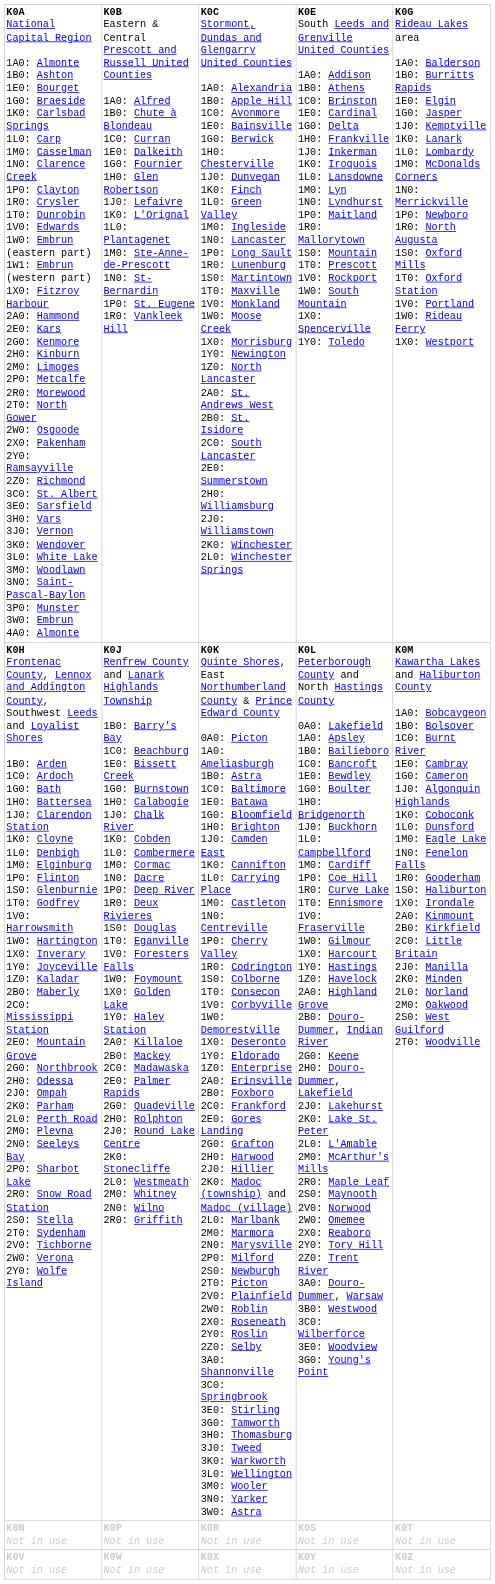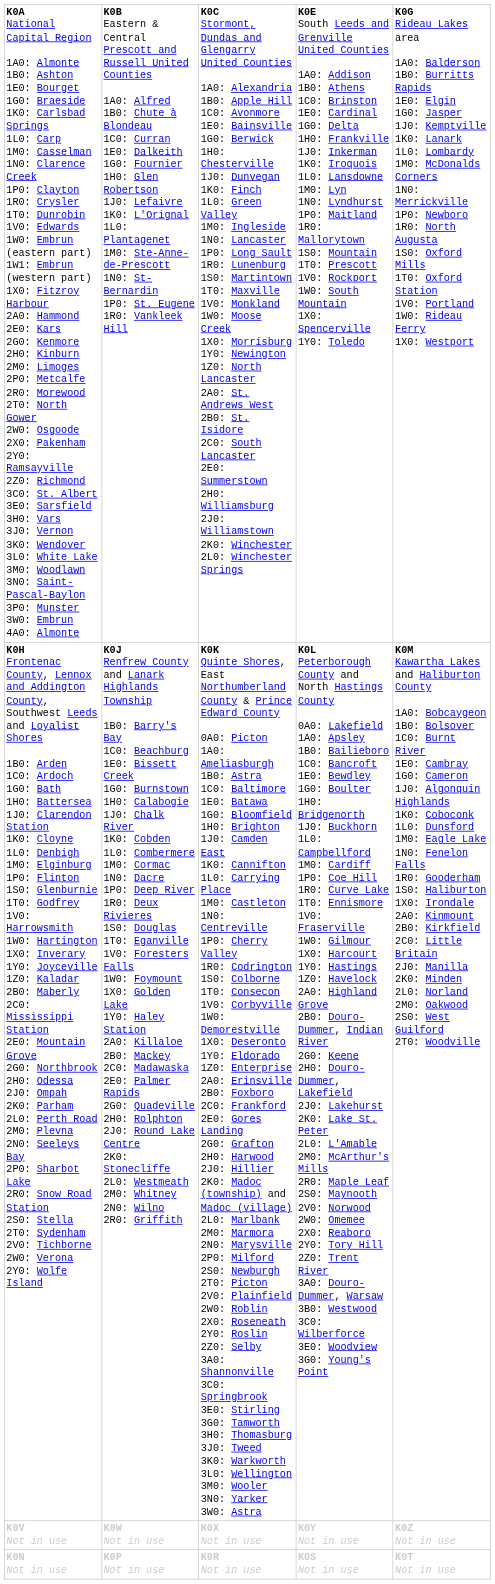 <table rules="all" width=100% cellspacing=0 cellpadding=2 style="border-collapse: collapse; border: 1px solid #ccc; line-height: 125%;">
 <tr>
 <td width=20% valign=top><strong>K0A</strong><br><a href='#'>National Capital Region</a><br><br><span> 1A0: <a href='#'>Almonte</a><br> 1B0: <a href='#'>Ashton</a><br> 1E0: <a href='#'>Bourget</a><br> 1G0: <a href='#'>Braeside</a><br> 1K0: <a href='#'>Carlsbad Springs</a><br> 1L0: <a href='#'>Carp</a><br> 1M0: <a href='#'>Casselman</a><br> 1N0: <a href='#'>Clarence Creek</a><br> 1P0: <a href='#'>Clayton</a><br> 1R0: <a href='#'>Crysler</a><br> 1T0: <a href='#'>Dunrobin</a><br> 1V0: <a href='#'>Edwards</a><br> 1W0: <a href='#'>Embrun</a> (eastern part)<br> 1W1: <a href='#'>Embrun</a> (western part)<br> 1X0: <a href='#'>Fitzroy Harbour</a><br> 2A0: <a href='#'>Hammond</a><br> 2E0: <a href='#'>Kars</a><br> 2G0: <a href='#'>Kenmore</a><br> 2H0: <a href='#'>Kinburn</a><br> 2M0: <a href='#'>Limoges</a><br> 2P0: <a href='#'>Metcalfe</a><br> 2R0: <a href='#'>Morewood</a><br> 2T0: <a href='#'>North Gower</a><br> 2W0: <a href='#'>Osgoode</a><br> 2X0: <a href='#'>Pakenham</a><br> 2Y0: <a href='#'>Ramsayville</a><br> 2Z0: <a href='#'>Richmond</a><br> 3C0: <a href='#'>St. Albert</a><br> 3E0: <a href='#'>Sarsfield</a><br> 3H0: <a href='#'>Vars</a><br> 3J0: <a href='#'>Vernon</a><br> 3K0: <a href='#'>Wendover</a><br> 3L0: <a href='#'>White Lake</a><br> 3M0: <a href='#'>Woodlawn</a><br> 3N0: <a href='#'>Saint-Pascal-Baylon</a><br> 3P0: <a href='#'>Munster</a><br> 3W0: <a href='#'>Embrun</a><br> 4A0: <a href='#'>Almonte</a></span></td>
 <td width=20% valign=top><strong>K0B</strong><br>Eastern & Central <a href='#'>Prescott and Russell United Counties</a><br><br><span> 1A0: <a href='#'>Alfred</a><br> 1B0: <a href='#'>Chute à Blondeau</a><br> 1C0: <a href='#'>Curran</a><br> 1E0: <a href='#'>Dalkeith</a><br> 1G0: <a href='#'>Fournier</a><br> 1H0: <a href='#'>Glen Robertson</a><br> 1J0: <a href='#'>Lefaivre</a><br> 1K0: <a href='#'>L'Orignal</a><br> 1L0: <a href='#'>Plantagenet</a><br> 1M0: <a href='#'>Ste-Anne-de-Prescott</a><br> 1N0: <a href='#'>St-Bernardin</a><br> 1P0: <a href='#'>St. Eugene</a><br> 1R0: <a href='#'>Vankleek Hill</a> </span></td>
 <td width=20% valign=top><strong>K0C</strong><br><a href='#'>Stormont, Dundas and Glengarry United Counties</a><br><br><span> 1A0: <a href='#'>Alexandria</a><br> 1B0: <a href='#'>Apple Hill</a><br> 1C0: <a href='#'>Avonmore</a><br> 1E0: <a href='#'>Bainsville</a><br> 1G0: <a href='#'>Berwick</a><br> 1H0: <a href='#'>Chesterville</a><br> 1J0: <a href='#'>Dunvegan</a><br> 1K0: <a href='#'>Finch</a><br> 1L0: <a href='#'>Green Valley</a><br> 1M0: <a href='#'>Ingleside</a><br> 1N0: <a href='#'>Lancaster</a><br> 1P0: <a href='#'>Long Sault</a><br> 1R0: <a href='#'>Lunenburg</a><br> 1S0: <a href='#'>Martintown</a><br> 1T0: <a href='#'>Maxville</a><br> 1V0: <a href='#'>Monkland</a><br> 1W0: <a href='#'>Moose Creek</a><br> 1X0: <a href='#'>Morrisburg</a><br> 1Y0: <a href='#'>Newington</a><br> 1Z0: <a href='#'>North Lancaster</a><br> 2A0: <a href='#'>St. Andrews West</a><br> 2B0: <a href='#'>St. Isidore</a><br> 2C0: <a href='#'>South Lancaster</a><br> 2E0: <a href='#'>Summerstown</a><br> 2H0: <a href='#'>Williamsburg</a><br> 2J0: <a href='#'>Williamstown</a><br> 2K0: <a href='#'>Winchester</a><br> 2L0: <a href='#'>Winchester Springs</a> </span></td>
 <td width=20% valign=top><strong>K0E</strong><br>South <a href='#'>Leeds and Grenville United Counties</a><br><br><span> 1A0: <a href='#'>Addison</a><br> 1B0: <a href='#'>Athens</a><br> 1C0: <a href='#'>Brinston</a><br> 1E0: <a href='#'>Cardinal</a><br> 1G0: <a href='#'>Delta</a><br> 1H0: <a href='#'>Frankville</a><br> 1J0: <a href='#'>Inkerman</a><br> 1K0: <a href='#'>Iroquois</a><br> 1L0: <a href='#'>Lansdowne</a><br> 1M0: <a href='#'>Lyn</a><br> 1N0: <a href='#'>Lyndhurst</a><br> 1P0: <a href='#'>Maitland</a><br> 1R0: <a href='#'>Mallorytown</a><br> 1S0: <a href='#'>Mountain</a><br> 1T0: <a href='#'>Prescott</a><br> 1V0: <a href='#'>Rockport</a><br> 1W0: <a href='#'>South Mountain</a><br> 1X0: <a href='#'>Spencerville</a><br> 1Y0: <a href='#'>Toledo</a> </span></td>
 <td width=20% valign=top><strong>K0G</strong><br><a href='#'>Rideau Lakes</a> area<br><br><span> 1A0: <a href='#'>Balderson</a><br> 1B0: <a href='#'>Burritts Rapids</a><br> 1E0: <a href='#'>Elgin</a><br> 1G0: <a href='#'>Jasper</a><br> 1J0: <a href='#'>Kemptville</a><br> 1K0: <a href='#'>Lanark</a><br> 1L0: <a href='#'>Lombardy</a><br> 1M0: <a href='#'>McDonalds Corners</a><br> 1N0: <a href='#'>Merrickville</a><br> 1P0: <a href='#'>Newboro</a><br> 1R0: <a href='#'>North Augusta</a><br> 1S0: <a href='#'>Oxford Mills</a><br> 1T0: <a href='#'>Oxford Station</a><br> 1V0: <a href='#'>Portland</a><br> 1W0: <a href='#'>Rideau Ferry</a><br> 1X0: <a href='#'>Westport</a> </span></td>
 </tr>
 <tr>
 <td width=20% valign=top><strong>K0H</strong><br><a href='#'>Frontenac County</a>, <a href='#'>Lennox and Addington County</a>, Southwest <a href='#'>Leeds</a> and <a href='#'>Loyalist Shores</a><br><br><span> 1B0: <a href='#'>Arden</a><br> 1C0: <a href='#'>Ardoch</a><br> 1G0: <a href='#'>Bath</a><br> 1H0: <a href='#'>Battersea</a><br> 1J0: <a href='#'>Clarendon Station</a><br> 1K0: <a href='#'>Cloyne</a><br> 1L0: <a href='#'>Denbigh</a><br> 1M0: <a href='#'>Elginburg</a><br> 1P0: <a href='#'>Flinton</a><br> 1S0: <a href='#'>Glenburnie</a><br> 1T0: <a href='#'>Godfrey</a><br> 1V0: <a href='#'>Harrowsmith</a><br> 1W0: <a href='#'>Hartington</a><br> 1X0: <a href='#'>Inverary</a><br> 1Y0: <a href='#'>Joyceville</a><br> 1Z0: <a href='#'>Kaladar</a><br> 2B0: <a href='#'>Maberly</a><br> 2C0: <a href='#'>Mississippi Station</a><br> 2E0: <a href='#'>Mountain Grove</a><br> 2G0: <a href='#'>Northbrook</a><br> 2H0: <a href='#'>Odessa</a><br> 2J0: <a href='#'>Ompah</a><br> 2K0: <a href='#'>Parham</a><br> 2L0: <a href='#'>Perth Road</a><br> 2M0: <a href='#'>Plevna</a><br> 2N0: <a href='#'>Seeleys Bay</a><br> 2P0: <a href='#'>Sharbot Lake</a><br> 2R0: <a href='#'>Snow Road Station</a><br> 2S0: <a href='#'>Stella</a><br> 2T0: <a href='#'>Sydenham</a><br> 2V0: <a href='#'>Tichborne</a><br> 2W0: <a href='#'>Verona</a><br> 2Y0: <a href='#'>Wolfe Island</a> </span></td>
 <td width=20% valign=top><strong>K0J</strong><br><a href='#'>Renfrew County</a> and <a href='#'>Lanark Highlands Township</a><br><br><span> 1B0: <a href='#'>Barry's Bay</a><br> 1C0: <a href='#'>Beachburg</a><br> 1E0: <a href='#'>Bissett Creek</a><br> 1G0: <a href='#'>Burnstown</a><br> 1H0: <a href='#'>Calabogie</a><br> 1J0: <a href='#'>Chalk River</a><br> 1K0: <a href='#'>Cobden</a><br> 1L0: <a href='#'>Combermere</a><br> 1M0: <a href='#'>Cormac</a><br> 1N0: <a href='#'>Dacre</a><br> 1P0: <a href='#'>Deep River</a><br> 1R0: <a href='#'>Deux Rivieres</a><br> 1S0: <a href='#'>Douglas</a><br> 1T0: <a href='#'>Eganville</a><br> 1V0: <a href='#'>Foresters Falls</a><br> 1W0: <a href='#'>Foymount</a><br> 1X0: <a href='#'>Golden Lake</a><br> 1Y0: <a href='#'>Haley Station</a><br> 2A0: <a href='#'>Killaloe</a><br> 2B0: <a href='#'>Mackey</a><br> 2C0: <a href='#'>Madawaska</a><br> 2E0: <a href='#'>Palmer Rapids</a><br> 2G0: <a href='#'>Quadeville</a><br> 2H0: <a href='#'>Rolphton</a><br> 2J0: <a href='#'>Round Lake Centre</a><br> 2K0: <a href='#'>Stonecliffe</a><br> 2L0: <a href='#'>Westmeath</a><br> 2M0: <a href='#'>Whitney</a><br> 2N0: <a href='#'>Wilno</a><br> 2R0: <a href='#'>Griffith</a> </span></td>
 <td width=20% valign=top><strong>K0K</strong><br><a href='#'>Quinte Shores</a>, East <a href='#'>Northumberland County</a> & <a href='#'>Prince Edward County</a><br><br><span> 0A0: <a href='#'>Picton</a><br> 1A0: <a href='#'>Ameliasburgh</a><br> 1B0: <a href='#'>Astra</a><br> 1C0: <a href='#'>Baltimore</a><br> 1E0: <a href='#'>Batawa</a><br> 1G0: <a href='#'>Bloomfield</a><br> 1H0: <a href='#'>Brighton</a><br> 1J0: <a href='#'>Camden East</a><br> 1K0: <a href='#'>Cannifton</a><br> 1L0: <a href='#'>Carrying Place</a><br> 1M0: <a href='#'>Castleton</a><br> 1N0: <a href='#'>Centreville</a><br> 1P0: <a href='#'>Cherry Valley</a><br> 1R0: <a href='#'>Codrington</a><br> 1S0: <a href='#'>Colborne</a><br> 1T0: <a href='#'>Consecon</a><br> 1V0: <a href='#'>Corbyville</a><br> 1W0: <a href='#'>Demorestville</a><br> 1X0: <a href='#'>Deseronto</a><br> 1Y0: <a href='#'>Eldorado</a><br> 1Z0: <a href='#'>Enterprise</a><br> 2A0: <a href='#'>Erinsville</a><br> 2B0: <a href='#'>Foxboro</a><br> 2C0: <a href='#'>Frankford</a><br> 2E0: <a href='#'>Gores Landing</a><br> 2G0: <a href='#'>Grafton</a><br> 2H0: <a href='#'>Harwood</a><br> 2J0: <a href='#'>Hillier</a><br> 2K0: <a href='#'>Madoc (township)</a> and <a href='#'>Madoc (village)</a><br> 2L0: <a href='#'>Marlbank</a><br> 2M0: <a href='#'>Marmora</a><br> 2N0: <a href='#'>Marysville</a><br> 2P0: <a href='#'>Milford</a><br> 2S0: <a href='#'>Newburgh</a><br> 2T0: <a href='#'>Picton</a><br> 2V0: <a href='#'>Plainfield</a><br> 2W0: <a href='#'>Roblin</a><br> 2X0: <a href='#'>Roseneath</a><br> 2Y0: <a href='#'>Roslin</a><br> 2Z0: <a href='#'>Selby</a><br> 3A0: <a href='#'>Shannonville</a><br> 3C0: <a href='#'>Springbrook</a><br> 3E0: <a href='#'>Stirling</a><br> 3G0: <a href='#'>Tamworth</a><br> 3H0: <a href='#'>Thomasburg</a><br> 3J0: <a href='#'>Tweed</a><br> 3K0: <a href='#'>Warkworth</a><br> 3L0: <a href='#'>Wellington</a><br> 3M0: <a href='#'>Wooler</a><br> 3N0: <a href='#'>Yarker</a><br> 3W0: <a href='#'>Astra</a> </span></td>
 <td width=20% valign=top><strong>K0L</strong><br><a href='#'>Peterborough County</a> and North <a href='#'>Hastings County</a><br><br><span> 0A0: <a href='#'>Lakefield</a><br> 1A0: <a href='#'>Apsley</a><br> 1B0: <a href='#'>Bailieboro</a><br> 1C0: <a href='#'>Bancroft</a><br> 1E0: <a href='#'>Bewdley</a><br> 1G0: <a href='#'>Boulter</a><br> 1H0: <a href='#'>Bridgenorth</a><br> 1J0: <a href='#'>Buckhorn</a><br> 1L0: <a href='#'>Campbellford</a><br> 1M0: <a href='#'>Cardiff</a><br> 1P0: <a href='#'>Coe Hill</a><br> 1R0: <a href='#'>Curve Lake</a><br> 1T0: <a href='#'>Ennismore</a><br> 1V0: <a href='#'>Fraserville</a><br> 1W0: <a href='#'>Gilmour</a><br> 1X0: <a href='#'>Harcourt</a><br> 1Y0: <a href='#'>Hastings</a><br> 1Z0: <a href='#'>Havelock</a><br> 2A0: <a href='#'>Highland Grove</a><br> 2B0: <a href='#'>Douro-Dummer</a>, <a href='#'>Indian River</a><br> 2G0: <a href='#'>Keene</a><br> 2H0: <a href='#'>Douro-Dummer</a>, <a href='#'>Lakefield</a><br> 2J0: <a href='#'>Lakehurst</a><br> 2K0: <a href='#'>Lake St. Peter</a><br> 2L0: <a href='#'>L'Amable</a><br> 2M0: <a href='#'>McArthur's Mills</a><br> 2R0: <a href='#'>Maple Leaf</a><br> 2S0: <a href='#'>Maynooth</a><br> 2V0: <a href='#'>Norwood</a><br> 2W0: <a href='#'>Omemee</a><br> 2X0: <a href='#'>Reaboro</a><br> 2Y0: <a href='#'>Tory Hill</a><br> 2Z0: <a href='#'>Trent River</a><br> 3A0: <a href='#'>Douro-Dummer</a>, <a href='#'>Warsaw</a><br> 3B0: <a href='#'>Westwood</a><br> 3C0: <a href='#'>Wilberforce</a><br> 3E0: <a href='#'>Woodview</a><br> 3G0: <a href='#'>Young's Point</a> </span></td>
 <td width=20% valign=top><strong>K0M</strong><br><a href='#'>Kawartha Lakes</a> and <a href='#'>Haliburton County</a><br><br><span> 1A0: <a href='#'>Bobcaygeon</a><br> 1B0: <a href='#'>Bolsover</a><br> 1C0: <a href='#'>Burnt River</a><br> 1E0: <a href='#'>Cambray</a><br> 1G0: <a href='#'>Cameron</a><br> 1J0: <a href='#'>Algonquin Highlands</a><br> 1K0: <a href='#'>Coboconk</a><br> 1L0: <a href='#'>Dunsford</a><br> 1M0: <a href='#'>Eagle Lake</a><br> 1N0: <a href='#'>Fenelon Falls</a><br> 1R0: <a href='#'>Gooderham</a><br> 1S0: <a href='#'>Haliburton</a><br> 1X0: <a href='#'>Irondale</a><br> 2A0: <a href='#'>Kinmount</a><br> 2B0: <a href='#'>Kirkfield</a><br> 2C0: <a href='#'>Little Britain</a><br> 2J0: <a href='#'>Manilla</a><br> 2K0: <a href='#'>Minden</a><br> 2L0: <a href='#'>Norland</a><br> 2M0: <a href='#'>Oakwood</a><br> 2S0: <a href='#'>West Guilford</a><br> 2T0: <a href='#'>Woodville</a> </span></td>
 </tr>
 <tr>
+<td width=20% valign=top style="color: #CCC;"><strong>K0V</strong><br><em>Not in use</em></td>
+<td width=20% valign=top style="color: #CCC;"><strong>K0W</strong><br><em>Not in use</em></td>
+<td width=20% valign=top style="color: #CCC;"><strong>K0X</strong><br><em>Not in use</em></td>
+<td width=20% valign=top style="color: #CCC;"><strong>K0Y</strong><br><em>Not in use</em></td>
+<td width=20% valign=top style="color: #CCC;"><strong>K0Z</strong><br><em>Not in use</em></td>
+</tr>
+<tr>
 <td width=20% valign=top style="color: #CCC;"><strong>K0N</strong><br><em>Not in use</em></td>
 <td width=20% valign=top style="color: #CCC;"><strong>K0P</strong><br><em>Not in use</em></td>
 <td width=20% valign=top style="color: #CCC;"><strong>K0R</strong><br><em>Not in use</em></td>
 <td width=20% valign=top style="color: #CCC;"><strong>K0S</strong><br><em>Not in use</em></td>
 <td width=20% valign=top style="color: #CCC;"><strong>K0T</strong><br><em>Not in use</em></td>
 </tr>
-<tr>
-<td width=20% valign=top style="color: #CCC;"><strong>K0V</strong><br><em>Not in use</em></td>
-<td width=20% valign=top style="color: #CCC;"><strong>K0W</strong><br><em>Not in use</em></td>
-<td width=20% valign=top style="color: #CCC;"><strong>K0X</strong><br><em>Not in use</em></td>
-<td width=20% valign=top style="color: #CCC;"><strong>K0Y</strong><br><em>Not in use</em></td>
-<td width=20% valign=top style="color: #CCC;"><strong>K0Z</strong><br><em>Not in use</em></td>
-</tr>
 </table>
